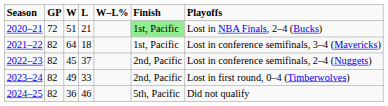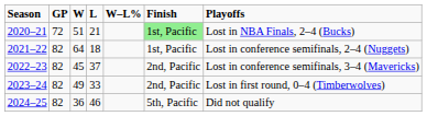 <table class="wikitable">
 <tr style="font-weight:bold; ">
 <td>Season</td>
 <td>GP</td>
 <td>W</td>
 <td>L</td>
 <td>W–L%</td>
 <td>Finish</td>
 <td>Playoffs</td>
 </tr>
 <tr>
 <td><a href='#'>2020–21</a></td>
 <td>72</td>
 <td>51</td>
 <td>21</td>
 <td></td>
 <td style="background: lightgreen;">1st, Pacific</td>
 <td>Lost in <a href='#'>NBA Finals</a>, 2–4 (<a href='#'>Bucks</a>)</td>
 </tr>
 <tr>
 <td><a href='#'>2021–22</a></td>
 <td>82</td>
 <td>64</td>
 <td>18</td>
 <td></td>
 <td>1st, Pacific</td>
-<td>Lost in conference semifinals, 3–4 (<a href='#'>Mavericks</a>)</td>
+<td>Lost in conference semifinals, 2–4 (<a href='#'>Nuggets</a>)</td>
 </tr>
 <tr>
 <td><a href='#'>2022–23</a></td>
 <td>82</td>
 <td>45</td>
 <td>37</td>
 <td></td>
 <td>2nd, Pacific</td>
-<td>Lost in conference semifinals, 2–4 (<a href='#'>Nuggets</a>)</td>
+<td>Lost in conference semifinals, 3–4 (<a href='#'>Mavericks</a>)</td>
 </tr>
 <tr>
 <td><a href='#'>2023–24</a></td>
 <td>82</td>
 <td>49</td>
 <td>33</td>
 <td></td>
 <td>2nd, Pacific</td>
 <td>Lost in first round, 0–4 (<a href='#'>Timberwolves</a>)</td>
 </tr>
 <tr>
 <td><a href='#'>2024–25</a></td>
 <td>82</td>
 <td>36</td>
 <td>46</td>
 <td></td>
 <td>5th, Pacific</td>
 <td>Did not qualify</td>
 </tr>
 </table>
